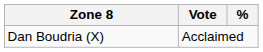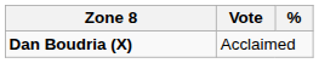 <table class="wikitable">
 <tr>
 <th width="200px">Zone 8</th>
 <th width="50px">Vote</th>
 <th width="30px">%</th>
 </tr>
 <tr>
-<td>Dan Boudria (X)</td>
+<td><strong>Dan Boudria (X)</strong></td>
 <td colspan="2">Acclaimed</td>
 </tr>
 </table>
